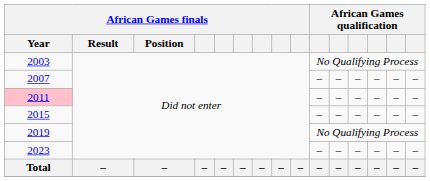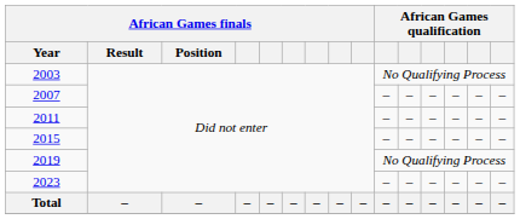 <table class="wikitable" style="text-align:center;">
 <tr>
 <th colspan="9"><a href='#'>African Games finals</a></th>
 <th colspan="6">African Games<br>qualification</th>
 </tr>
 <tr>
 <th style="width:90px;">Year</th>
 <th style="width:80px;">Result</th>
 <th style="width:80px;">Position</th>
 <th style="width:20px;"></th>
 <th style="width:20px;"></th>
 <th style="width:20px;"></th>
 <th style="width:20px;"></th>
 <th style="width:20px;"></th>
 <th style="width:20px;"></th>
 <th style="width:20px;"></th>
 <th style="width:20px;"></th>
 <th style="width:20px;"></th>
 <th style="width:20px;"></th>
 <th style="width:20px;"></th>
 <th style="width:20px;"></th>
 </tr>
 <tr>
 <td> <a href='#'>2003</a></td>
 <td rowspan="6" colspan="8"><em>Did not enter</em></td>
 <td colspan="6"><em>No Qualifying Process</em></td>
 </tr>
 <tr>
 <td> <a href='#'>2007</a></td>
 <td>–</td>
 <td>–</td>
 <td>–</td>
 <td>–</td>
 <td>–</td>
 <td>–</td>
 </tr>
 <tr>
-<td style="background: pink;"> <a href='#'>2011</a></td>
+<td> <a href='#'>2011</a></td>
 <td>–</td>
 <td>–</td>
 <td>–</td>
 <td>–</td>
 <td>–</td>
 <td>–</td>
 </tr>
 <tr>
 <td> <a href='#'>2015</a></td>
 <td>–</td>
 <td>–</td>
 <td>–</td>
 <td>–</td>
 <td>–</td>
 <td>–</td>
 </tr>
 <tr>
 <td> <a href='#'>2019</a></td>
 <td colspan="6"><em>No Qualifying Process</em></td>
 </tr>
 <tr>
 <td> <a href='#'>2023</a></td>
 <td>–</td>
 <td>–</td>
 <td>–</td>
 <td>–</td>
 <td>–</td>
 <td>–</td>
 </tr>
 <tr>
 <th>Total</th>
 <th>–</th>
 <th>–</th>
 <th>–</th>
 <th>–</th>
 <th>–</th>
 <th>–</th>
 <th>–</th>
 <th>–</th>
 <th>–</th>
 <th>–</th>
 <th>–</th>
 <th>–</th>
 <th>–</th>
 <th>–</th>
 </tr>
 <tr>
 </tr>
 </table>
